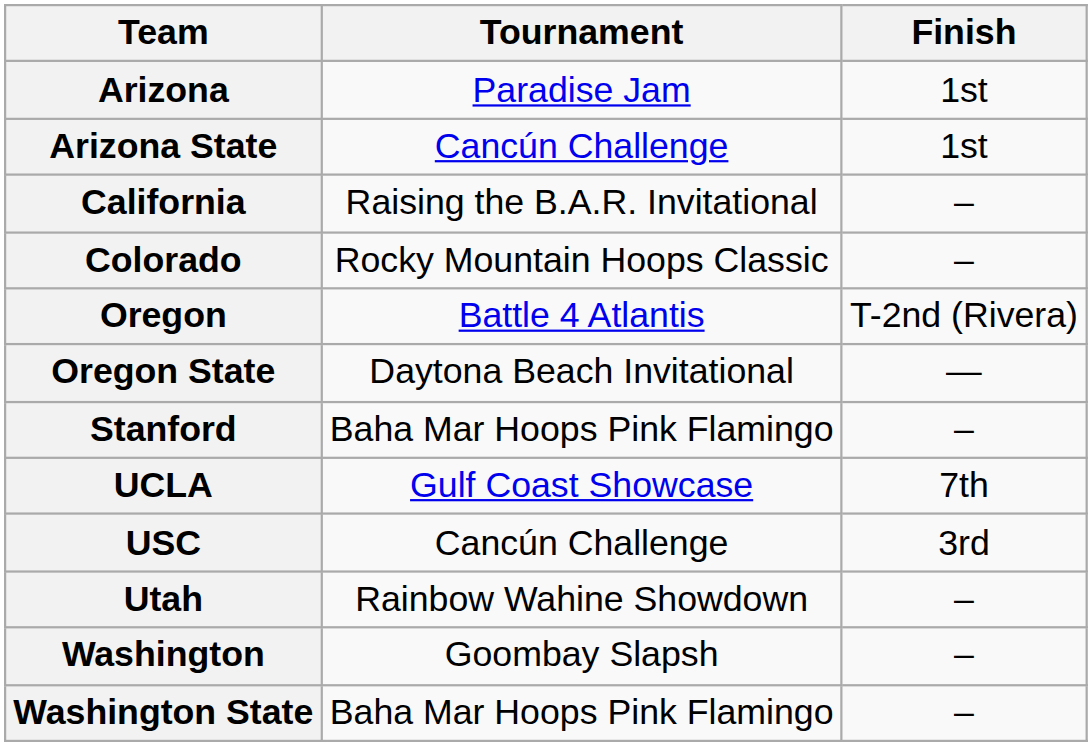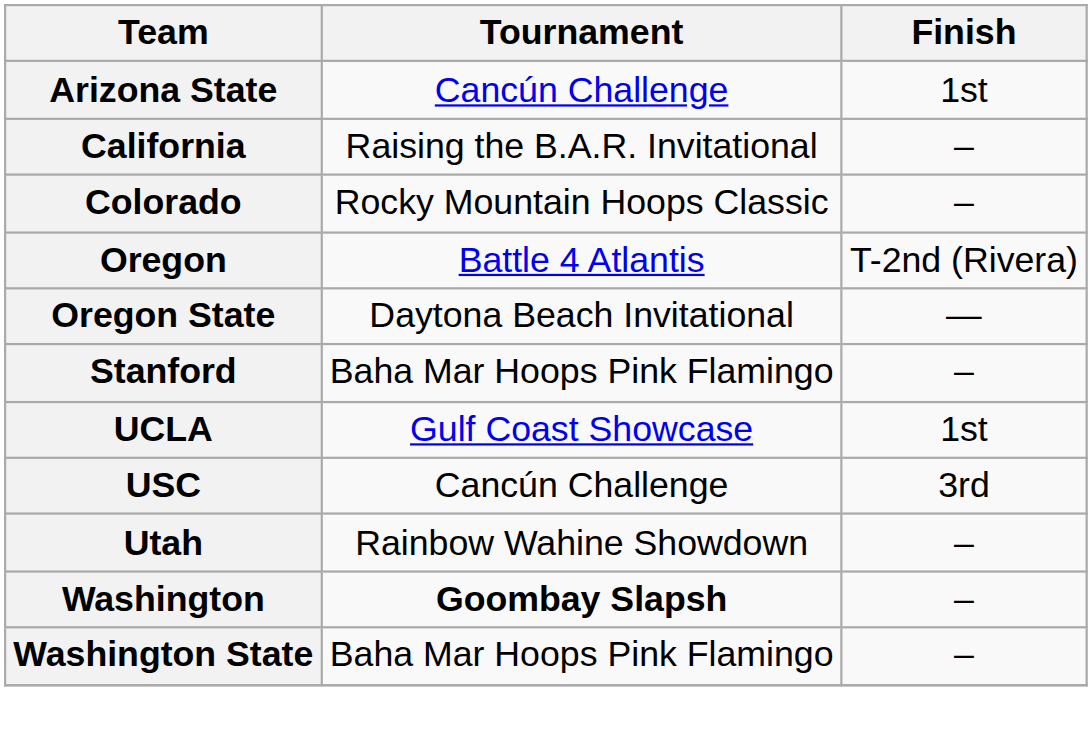 <table class="wikitable">
 <tr>
 <th>Team</th>
 <th>Tournament</th>
 <th>Finish</th>
-</tr>
-<tr style="text-align:center;">
-<th>Arizona</th>
-<td><a href='#'>Paradise Jam</a></td>
-<td>1st</td>
 </tr>
 <tr style="text-align:center;">
 <th>Arizona State</th>
 <td><a href='#'>Cancún Challenge</a></td>
 <td>1st</td>
 </tr>
 <tr style="text-align:center;">
 <th>California</th>
 <td>Raising the B.A.R. Invitational</td>
 <td>–</td>
 </tr>
 <tr style="text-align:center;">
 <th>Colorado</th>
 <td>Rocky Mountain Hoops Classic</td>
 <td>–</td>
 </tr>
 <tr style="text-align:center;">
 <th>Oregon</th>
 <td><a href='#'>Battle 4 Atlantis</a></td>
 <td>T-2nd (Rivera)</td>
 </tr>
 <tr style="text-align:center;">
 <th>Oregon State</th>
 <td>Daytona Beach Invitational</td>
 <td>—</td>
 </tr>
 <tr style="text-align:center;">
 <th>Stanford</th>
 <td>Baha Mar Hoops Pink Flamingo</td>
 <td>–</td>
 </tr>
 <tr style="text-align:center;">
 <th>UCLA</th>
 <td><a href='#'>Gulf Coast Showcase</a></td>
-<td>7th</td>
+<td>1st</td>
 </tr>
 <tr style="text-align:center;">
 <th>USC</th>
 <td>Cancún Challenge</td>
 <td>3rd</td>
 </tr>
 <tr style="text-align:center;">
 <th>Utah</th>
 <td>Rainbow Wahine Showdown</td>
 <td>–</td>
 </tr>
 <tr style="text-align:center;">
 <th>Washington</th>
-<td>Goombay Slapsh</td>
+<td><strong>Goombay Slapsh</strong></td>
 <td>–</td>
 </tr>
 <tr style="text-align:center;">
 <th>Washington State</th>
 <td>Baha Mar Hoops Pink Flamingo</td>
 <td>–</td>
 </tr>
 <tr>
 </tr>
 </table>
